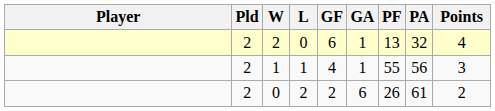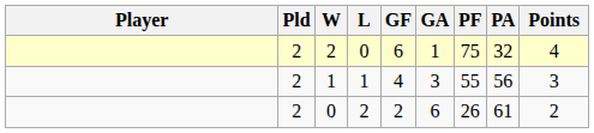 <table class=wikitable style="text-align:center;">
 <tr>
 <th width=220>Player</th>
 <th width=20>Pld</th>
 <th width=20>W</th>
 <th width=20>L</th>
 <th width=20>GF</th>
 <th width=20>GA</th>
 <th width=20>PF</th>
 <th width=20>PA</th>
 <th width=50>Points</th>
 </tr>
 <tr bgcolor=#ffffcc>
 <td style="text-align:left;"></td>
 <td>2</td>
 <td>2</td>
 <td>0</td>
 <td>6</td>
 <td>1</td>
-<td>13</td>
+<td>75</td>
 <td>32</td>
 <td>4</td>
 </tr>
 <tr>
 <td style="text-align:left;"></td>
 <td>2</td>
 <td>1</td>
 <td>1</td>
 <td>4</td>
-<td>1</td>
+<td>3</td>
 <td>55</td>
 <td>56</td>
 <td>3</td>
 </tr>
 <tr>
 <td style="text-align:left;"></td>
 <td>2</td>
 <td>0</td>
 <td>2</td>
 <td>2</td>
 <td>6</td>
 <td>26</td>
 <td>61</td>
 <td>2</td>
 </tr>
 </table>
